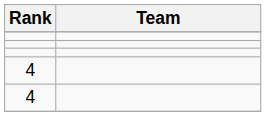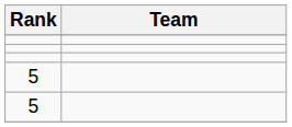 <table class="wikitable" style="text-align:center;">
 <tr>
 <th width=40>Rank</th>
 <th width=180>Team</th>
 </tr>
 <tr>
 </tr>
 <tr>
 <td></td>
 <td style="text-align:left;"></td>
 </tr>
 <tr>
 <td></td>
 <td style="text-align:left;"></td>
 </tr>
 <tr>
 <td></td>
 <td style="text-align:left;"></td>
 </tr>
 <tr>
-<td>4</td>
+<td>5</td>
 <td style="text-align:left;"></td>
 </tr>
 <tr>
-<td>4</td>
+<td>5</td>
 <td style="text-align:left;"></td>
 </tr>
 <tr>
 </tr>
 </table>
